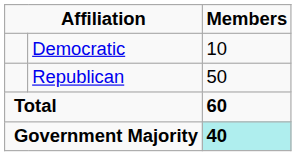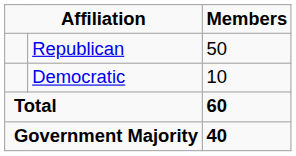 <table class="wikitable">
 <tr>
 <td colspan="2" rowspan="1" align="center" valign="top"><strong>Affiliation</strong></td>
 <td style="vertical-align:top;"><strong>Members</strong></td>
 </tr>
 <tr>
 <td style="background-color:"> </td>
-<td><a href='#'>Democratic</a></td>
-<td>10</td>
+<td><a href='#'>Republican</a></td>
+<td>50</td>
 </tr>
 <tr>
 <td style="background-color:"> </td>
-<td><a href='#'>Republican</a></td>
-<td>50</td>
+<td><a href='#'>Democratic</a></td>
+<td>10</td>
 </tr>
 <tr>
 <td colspan="2" rowspan="1"> <strong>Total</strong></td>
 <td><strong>60</strong></td>
 </tr>
 <tr>
 <td colspan="2" rowspan="1"> <strong>Government Majority</strong></td>
-<td style="background: paleturquoise;"><strong>40</strong></td>
+<td><strong>40</strong></td>
 </tr>
 </table>
